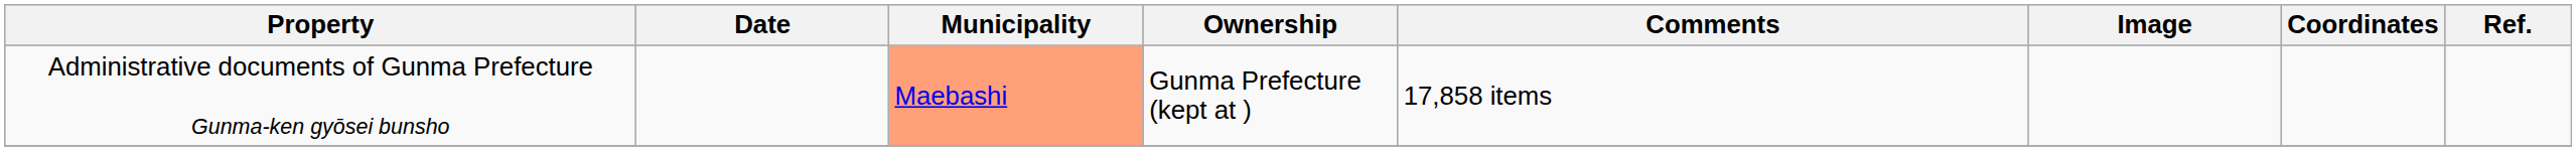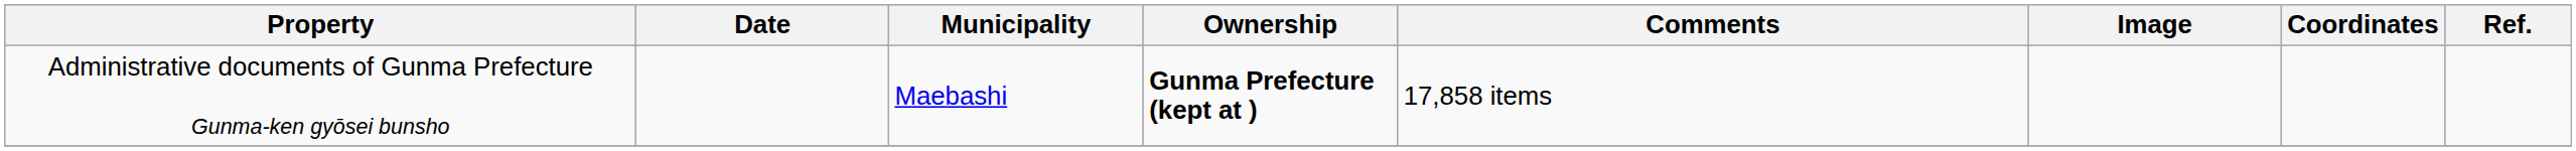 <table class="wikitable sortable"  style="width:100%;">
 <tr>
 <th width="25%" align="left">Property</th>
 <th width="10%" align="left" data-sort-type="number">Date</th>
 <th width="10%" align="left">Municipality</th>
 <th width="10%" align="left">Ownership</th>
 <th width="25%" align="left" class="unsortable">Comments</th>
 <th width="10%" align="left" class="unsortable">Image</th>
 <th width="5%" align="left" class="unsortable">Coordinates</th>
 <th width="5%" align="left" class="unsortable">Ref.</th>
 </tr>
 <tr>
 <td align="center">Administrative documents of Gunma Prefecture<br><br><small><em>Gunma-ken gyōsei bunsho</em></small></td>
 <td></td>
-<td style="background: lightsalmon;"><a href='#'>Maebashi</a></td>
-<td>Gunma Prefecture<br>(kept at )</td>
+<td><a href='#'>Maebashi</a></td>
+<td><strong>Gunma Prefecture<br>(kept at )</strong></td>
 <td>17,858 items</td>
 <td></td>
 <td></td>
 <td></td>
 </tr>
 <tr>
 </tr>
 </table>
